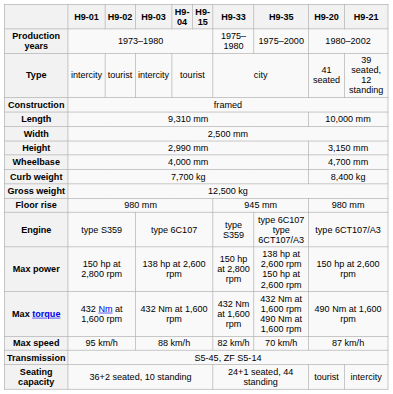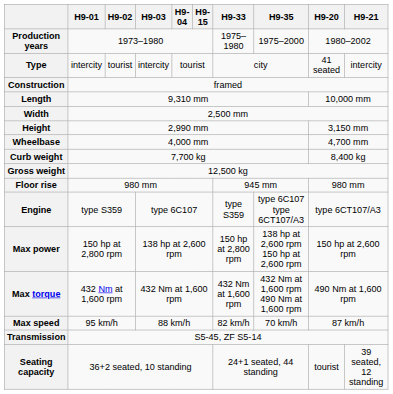 <table class="wikitable" align="center" style="font-size: 90%;">
 <tr>
 <th width="150"></th>
 <th width="80">H9-01</th>
 <th width="80">H9-02</th>
 <th width="80">H9-03</th>
 <th width="80">H9-04</th>
 <th width="80">H9-15</th>
 <th width="80">H9-33</th>
 <th width="80">H9-35</th>
 <th width="80">H9-20</th>
 <th width="80">H9-21</th>
 </tr>
 <tr>
 <th>Production years</th>
 <td colspan="5" width="400" align="center">1973–1980</td>
 <td width="80" align="center">1975–1980</td>
 <td width="80" align="center">1975–2000</td>
 <td colspan="2" width="160" align="center">1980–2002</td>
 </tr>
 <tr>
 <th>Type</th>
 <td width="80" align="center">intercity</td>
 <td width="80" align="center">tourist</td>
 <td width="80" align="center">intercity</td>
 <td colspan="2" width="160" align="center">tourist</td>
 <td colspan="2" width="160" align="center">city</td>
 <td width="80" align="center">41 seated</td>
-<td width="80" align="center">39 seated, 12 standing</td>
+<td width="80" align="center">intercity</td>
 </tr>
 <tr>
 <th>Construction</th>
 <td colspan="9" align="center">framed</td>
 </tr>
 <tr>
 <th>Length</th>
 <td colspan="7" width="560" align="center">9,310 mm</td>
 <td colspan="2" width="160" align="center">10,000 mm</td>
 </tr>
 <tr>
 <th>Width</th>
 <td colspan="9" width="720" align="center">2,500 mm</td>
 </tr>
 <tr>
 <th>Height</th>
 <td colspan="7" width="560" align="center">2,990 mm</td>
 <td colspan="2" width="160" align="center">3,150 mm</td>
 </tr>
 <tr>
 <th>Wheelbase</th>
 <td colspan="7" width="560" align="center">4,000 mm</td>
 <td colspan="2" width="160" align="center">4,700 mm</td>
 </tr>
 <tr>
 <th>Curb weight</th>
 <td colspan="7" width="560" align="center">7,700 kg</td>
 <td colspan="2" width="160" align="center">8,400 kg</td>
 </tr>
 <tr>
 <th>Gross weight</th>
 <td colspan="9" width="720" align="center">12,500 kg</td>
 </tr>
 <tr>
 <th>Floor rise</th>
 <td colspan="5" width="560" align="center">980 mm</td>
 <td colspan="2" width="560" align="center">945 mm</td>
 <td colspan="2" width="560" align="center">980 mm</td>
 </tr>
 <tr>
 <th>Engine</th>
 <td colspan="2" width="160" align="center">type S359</td>
 <td colspan="3" width="240" align="center">type 6C107</td>
 <td width="80" align="center">type S359</td>
 <td width="80" align="center">type 6C107<br>type 6CT107/A3</td>
 <td colspan="2" width="160" align="center">type 6CT107/A3</td>
 </tr>
 <tr>
 <th>Max power</th>
 <td colspan="2" width="160" align="center">150 hp at 2,800 rpm</td>
 <td colspan="3" width="240" align="center">138 hp at 2,600 rpm</td>
 <td width="80" align="center">150 hp at 2,800 rpm</td>
 <td width="80" align="center">138 hp at 2,600 rpm<br>150 hp at 2,600 rpm</td>
 <td colspan="2" width="160" align="center">150 hp at 2,600 rpm</td>
 </tr>
 <tr>
 <th>Max <a href='#'>torque</a></th>
 <td colspan="2" width="160" align="center">432 <a href='#'>Nm</a> at 1,600 rpm</td>
 <td colspan="3" width="240" align="center">432 Nm at 1,600 rpm</td>
 <td width="80" align="center">432 Nm at 1,600 rpm</td>
 <td width="80" align="center">432 Nm at 1,600 rpm<br>490 Nm at 1,600 rpm</td>
 <td colspan="2" width="160" align="center">490 Nm at 1,600 rpm</td>
 </tr>
 <tr>
 <th>Max speed</th>
 <td colspan="2" width="160" align="center">95 km/h</td>
 <td colspan="3" width="240" align="center">88 km/h</td>
 <td width="80" align="center">82 km/h</td>
 <td width="80" align="center">70 km/h</td>
 <td colspan="2" width="160" align="center">87 km/h</td>
 </tr>
 <tr>
 <th>Transmission</th>
 <td colspan="9" width="720" align="center">S5-45, ZF S5-14</td>
 </tr>
 <tr>
 <th>Seating capacity</th>
 <td colspan="5" width="400" align="center">36+2 seated, 10 standing</td>
 <td colspan="2" width="160" align="center">24+1 seated, 44 standing</td>
 <td width="80" align="center">tourist</td>
-<td width="80" align="center">intercity</td>
+<td width="80" align="center">39 seated, 12 standing</td>
 </tr>
 </table>
